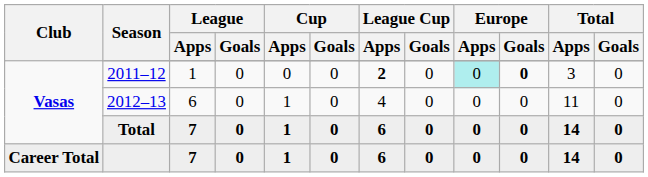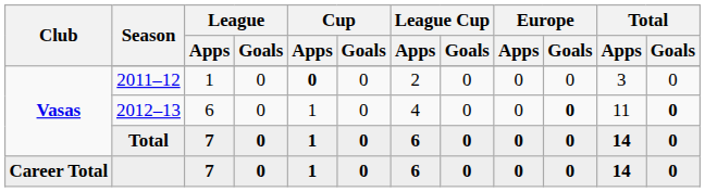 <table class="wikitable" style="font-size:90%; text-align: center;">
 <tr>
 <th rowspan="2">Club</th>
 <th rowspan="2">Season</th>
 <th colspan="2">League</th>
 <th colspan="2">Cup</th>
 <th colspan="2">League Cup</th>
 <th colspan="2">Europe</th>
 <th colspan="2">Total</th>
 </tr>
 <tr>
 <th>Apps</th>
 <th>Goals</th>
 <th>Apps</th>
 <th>Goals</th>
 <th>Apps</th>
 <th>Goals</th>
 <th>Apps</th>
 <th>Goals</th>
 <th>Apps</th>
 <th>Goals</th>
 </tr>
 <tr ||-||-||-|->
 <td rowspan="4" valign="center"><strong><a href='#'>Vasas</a></strong></td>
 </tr>
 <tr>
 <td><a href='#'>2011–12</a></td>
 <td>1</td>
 <td>0</td>
+<td><strong>0</strong></td>
+<td>0</td>
+<td>2</td>
 <td>0</td>
 <td>0</td>
-<td><strong>2</strong></td>
 <td>0</td>
-<td style="background: paleturquoise;">0</td>
-<td><strong>0</strong></td>
 <td>3</td>
 <td>0</td>
 </tr>
 <tr>
 <td><a href='#'>2012–13</a></td>
 <td>6</td>
 <td>0</td>
 <td>1</td>
 <td>0</td>
 <td>4</td>
 <td>0</td>
 <td>0</td>
-<td>0</td>
+<td><strong>0</strong></td>
 <td>11</td>
-<td>0</td>
+<td><strong>0</strong></td>
 </tr>
 <tr style="font-weight:bold; background-color:#eeeeee;">
 <td>Total</td>
 <td>7</td>
 <td>0</td>
 <td>1</td>
 <td>0</td>
 <td>6</td>
 <td>0</td>
 <td>0</td>
 <td>0</td>
 <td>14</td>
 <td>0</td>
 </tr>
 <tr style="font-weight:bold; background-color:#eeeeee;">
 <td rowspan="1" valign="top"><strong>Career Total</strong></td>
 <td></td>
 <td><strong>7</strong></td>
 <td><strong>0</strong></td>
 <td><strong>1</strong></td>
 <td><strong>0</strong></td>
 <td><strong>6</strong></td>
 <td><strong>0</strong></td>
 <td><strong>0</strong></td>
 <td><strong>0</strong></td>
 <td><strong>14</strong></td>
 <td><strong>0</strong></td>
 </tr>
 </table>
